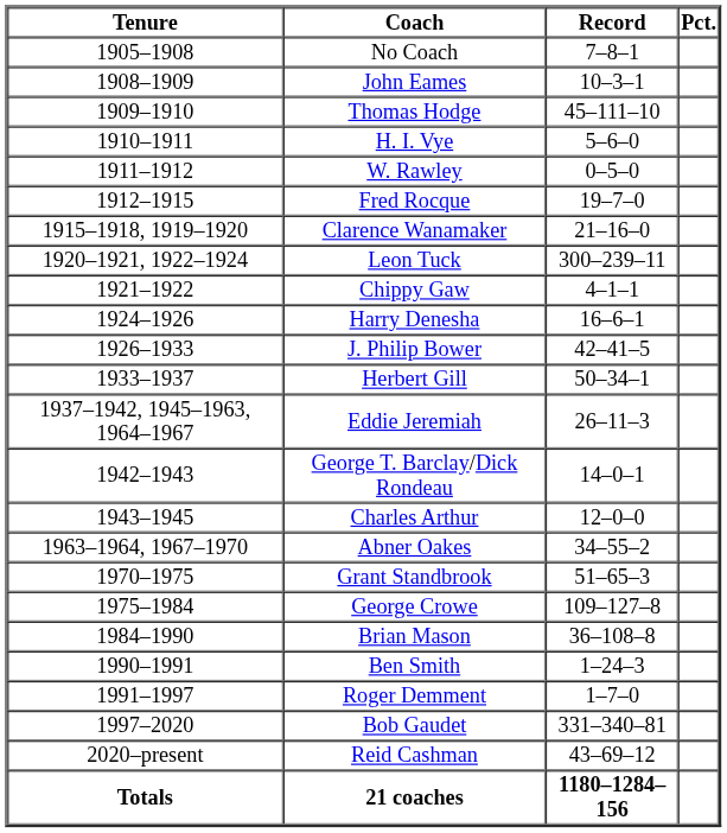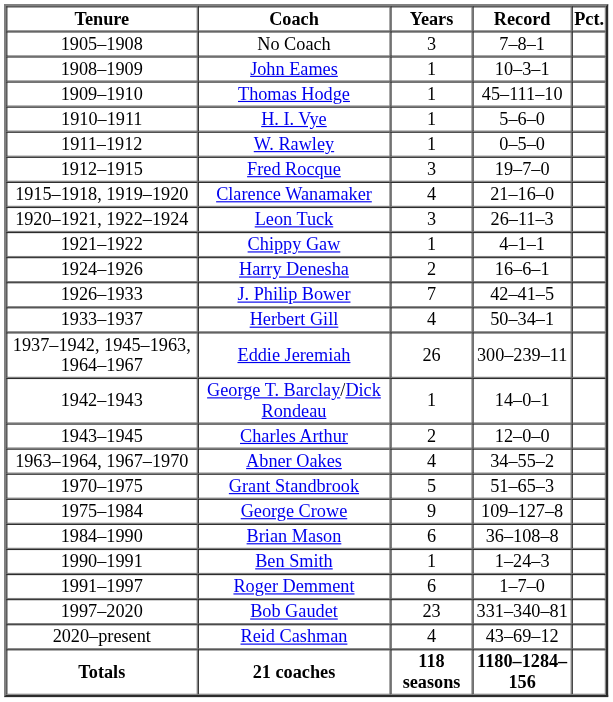 <table cellpadding="1" border="2" cellspacing="0" width="60%">
 <tr>
 <th>Tenure</th>
 <th>Coach</th>
+<th>Years</th>
 <th>Record</th>
 <th>Pct.</th>
 </tr>
 <tr align="center">
 <td>1905–1908</td>
 <td>No Coach</td>
+<td>3</td>
 <td>7–8–1</td>
 <td></td>
 </tr>
 <tr align="center">
 <td>1908–1909</td>
 <td><a href='#'>John Eames</a></td>
+<td>1</td>
 <td>10–3–1</td>
 <td></td>
 </tr>
 <tr align="center">
 <td>1909–1910</td>
 <td><a href='#'>Thomas Hodge</a></td>
+<td>1</td>
 <td>45–111–10</td>
 <td></td>
 </tr>
 <tr align="center">
 <td>1910–1911</td>
 <td><a href='#'>H. I. Vye</a></td>
+<td>1</td>
 <td>5–6–0</td>
 <td></td>
 </tr>
 <tr align="center">
 <td>1911–1912</td>
 <td><a href='#'>W. Rawley</a></td>
+<td>1</td>
 <td>0–5–0</td>
 <td></td>
 </tr>
 <tr align="center">
 <td>1912–1915</td>
 <td><a href='#'>Fred Rocque</a></td>
+<td>3</td>
 <td>19–7–0</td>
 <td></td>
 </tr>
 <tr align="center">
 <td>1915–1918, 1919–1920</td>
 <td><a href='#'>Clarence Wanamaker</a></td>
+<td>4</td>
 <td>21–16–0</td>
 <td></td>
 </tr>
 <tr align="center">
 <td>1920–1921, 1922–1924</td>
 <td><a href='#'>Leon Tuck</a></td>
-<td>300–239–11</td>
+<td>3</td>
+<td>26–11–3</td>
 <td></td>
 </tr>
 <tr align="center">
 <td>1921–1922</td>
 <td><a href='#'>Chippy Gaw</a></td>
+<td>1</td>
 <td>4–1–1</td>
 <td></td>
 </tr>
 <tr align="center">
 <td>1924–1926</td>
 <td><a href='#'>Harry Denesha</a></td>
+<td>2</td>
 <td>16–6–1</td>
 <td></td>
 </tr>
 <tr align="center">
 <td>1926–1933</td>
 <td><a href='#'>J. Philip Bower</a></td>
+<td>7</td>
 <td>42–41–5</td>
 <td></td>
 </tr>
 <tr align="center">
 <td>1933–1937</td>
 <td><a href='#'>Herbert Gill</a></td>
+<td>4</td>
 <td>50–34–1</td>
 <td></td>
 </tr>
 <tr align="center">
 <td>1937–1942, 1945–1963, 1964–1967</td>
 <td><a href='#'>Eddie Jeremiah</a></td>
-<td>26–11–3</td>
+<td>26</td>
+<td>300–239–11</td>
 <td></td>
 </tr>
 <tr align="center">
 <td>1942–1943</td>
 <td><a href='#'>George T. Barclay</a>/<a href='#'>Dick Rondeau</a></td>
+<td>1</td>
 <td>14–0–1</td>
 <td></td>
 </tr>
 <tr align="center">
 <td>1943–1945</td>
 <td><a href='#'>Charles Arthur</a></td>
+<td>2</td>
 <td>12–0–0</td>
 <td></td>
 </tr>
 <tr align="center">
 <td>1963–1964, 1967–1970</td>
 <td><a href='#'>Abner Oakes</a></td>
+<td>4</td>
 <td>34–55–2</td>
 <td></td>
 </tr>
 <tr align="center">
 <td>1970–1975</td>
 <td><a href='#'>Grant Standbrook</a></td>
+<td>5</td>
 <td>51–65–3</td>
 <td></td>
 </tr>
 <tr align="center">
 <td>1975–1984</td>
 <td><a href='#'>George Crowe</a></td>
+<td>9</td>
 <td>109–127–8</td>
 <td></td>
 </tr>
 <tr align="center">
 <td>1984–1990</td>
 <td><a href='#'>Brian Mason</a></td>
+<td>6</td>
 <td>36–108–8</td>
 <td></td>
 </tr>
 <tr align="center">
 <td>1990–1991</td>
 <td><a href='#'>Ben Smith</a></td>
+<td>1</td>
 <td>1–24–3</td>
 <td></td>
 </tr>
 <tr align="center">
 <td>1991–1997</td>
 <td><a href='#'>Roger Demment</a></td>
+<td>6</td>
 <td>1–7–0</td>
 <td></td>
 </tr>
 <tr align="center">
 <td>1997–2020</td>
 <td><a href='#'>Bob Gaudet</a></td>
+<td>23</td>
 <td>331–340–81</td>
 <td></td>
 </tr>
 <tr align="center">
 <td>2020–present</td>
 <td><a href='#'>Reid Cashman</a></td>
+<td>4</td>
 <td>43–69–12</td>
 <td></td>
 </tr>
 <tr align="center">
 <th>Totals</th>
 <th>21 coaches</th>
+<th>118 seasons</th>
 <th>1180–1284–156</th>
 <th></th>
 </tr>
 </table>
